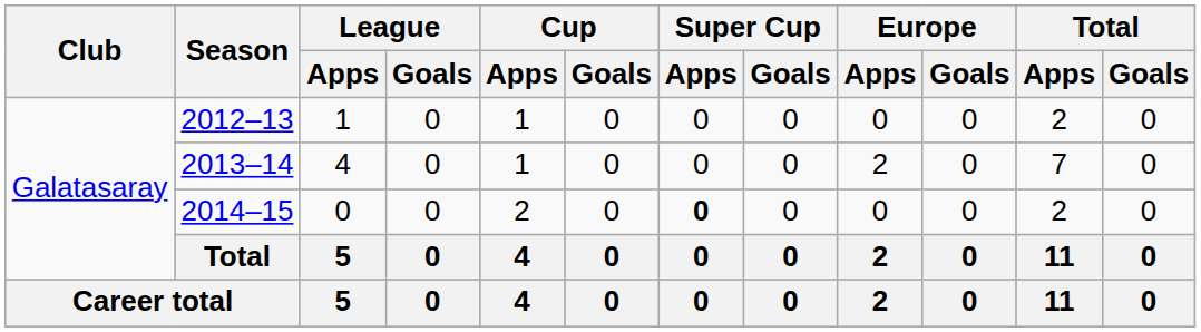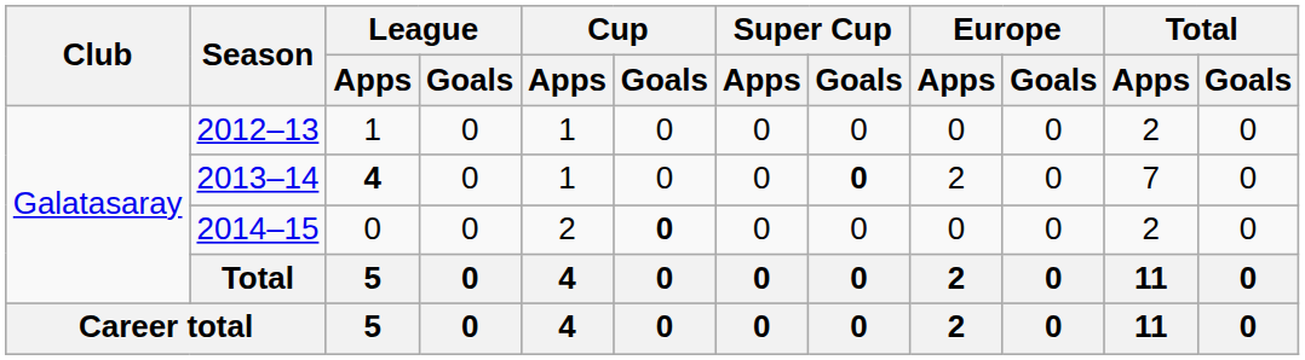 <table class="wikitable" style="text-align: center;">
 <tr>
 <th rowspan="2">Club</th>
 <th rowspan="2">Season</th>
 <th colspan="2">League</th>
 <th colspan="2">Cup</th>
 <th colspan="2">Super Cup</th>
 <th colspan="2">Europe</th>
 <th colspan="2">Total</th>
 </tr>
 <tr>
 <th>Apps</th>
 <th>Goals</th>
 <th>Apps</th>
 <th>Goals</th>
 <th>Apps</th>
 <th>Goals</th>
 <th>Apps</th>
 <th>Goals</th>
 <th>Apps</th>
 <th>Goals</th>
 </tr>
 <tr>
 <td rowspan="4"><a href='#'>Galatasaray</a></td>
 <td><a href='#'>2012–13</a></td>
 <td>1</td>
 <td>0</td>
 <td>1</td>
 <td>0</td>
 <td>0</td>
 <td>0</td>
 <td>0</td>
 <td>0</td>
 <td>2</td>
 <td>0</td>
 </tr>
 <tr>
 <td><a href='#'>2013–14</a></td>
-<td>4</td>
+<td><strong>4</strong></td>
 <td>0</td>
 <td>1</td>
 <td>0</td>
 <td>0</td>
-<td>0</td>
+<td><strong>0</strong></td>
 <td>2</td>
 <td>0</td>
 <td>7</td>
 <td>0</td>
 </tr>
 <tr>
 <td><a href='#'>2014–15</a></td>
 <td>0</td>
 <td>0</td>
 <td>2</td>
+<td><strong>0</strong></td>
 <td>0</td>
-<td><strong>0</strong></td>
 <td>0</td>
 <td>0</td>
 <td>0</td>
 <td>2</td>
 <td>0</td>
 </tr>
 <tr>
 <th>Total</th>
 <th>5</th>
 <th>0</th>
 <th>4</th>
 <th>0</th>
 <th>0</th>
 <th>0</th>
 <th>2</th>
 <th>0</th>
 <th>11</th>
 <th>0</th>
 </tr>
 <tr>
 <th colspan="2">Career total</th>
 <th>5</th>
 <th>0</th>
 <th>4</th>
 <th>0</th>
 <th>0</th>
 <th>0</th>
 <th>2</th>
 <th>0</th>
 <th>11</th>
 <th>0</th>
 </tr>
 </table>
